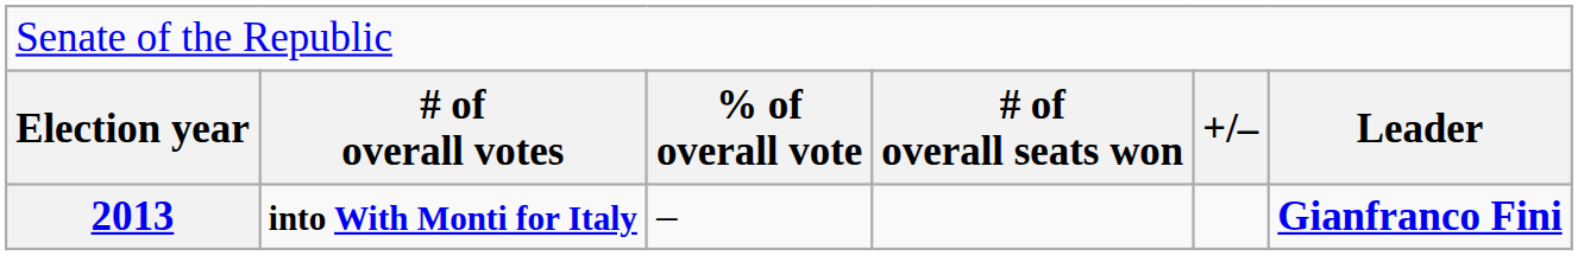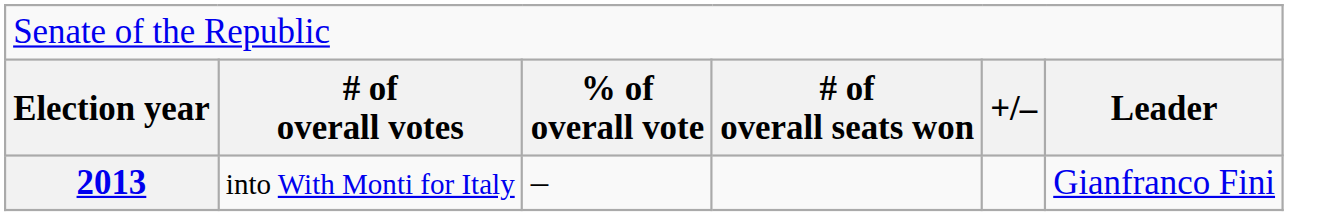 <table class=wikitable>
 <tr>
 <td colspan=6><a href='#'>Senate of the Republic</a></td>
 </tr>
 <tr>
 <th>Election year</th>
 <th># of<br>overall votes</th>
 <th>% of<br>overall vote</th>
 <th># of<br>overall seats won</th>
 <th>+/–</th>
 <th>Leader</th>
 </tr>
 <tr>
 <th><a href='#'>2013</a></th>
-<td><strong><small>into <a href='#'>With Monti for Italy</a></small></strong></td>
+<td><small>into <a href='#'>With Monti for Italy</a></small></td>
 <td>–</td>
 <td></td>
 <td></td>
-<td><strong><a href='#'>Gianfranco Fini</a></strong></td>
+<td><a href='#'>Gianfranco Fini</a></td>
 </tr>
 </table>
